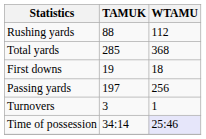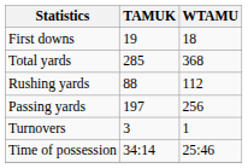 <table class="wikitable">
 <tr>
 <th>Statistics</th>
 <th>TAMUK</th>
 <th>WTAMU</th>
 </tr>
 <tr>
-<td>Rushing yards</td>
-<td>88</td>
-<td>112</td>
+<td>First downs</td>
+<td>19</td>
+<td>18</td>
 </tr>
 <tr>
 <td>Total yards</td>
 <td>285</td>
 <td>368</td>
 </tr>
 <tr>
-<td>First downs</td>
-<td>19</td>
-<td>18</td>
+<td>Rushing yards</td>
+<td>88</td>
+<td>112</td>
 </tr>
 <tr>
 <td>Passing yards</td>
 <td>197</td>
 <td>256</td>
 </tr>
 <tr>
 <td>Turnovers</td>
 <td>3</td>
 <td>1</td>
 </tr>
 <tr>
 <td>Time of possession</td>
 <td>34:14</td>
-<td style="background: lavender;">25:46</td>
+<td>25:46</td>
 </tr>
 <tr>
 </tr>
 </table>
